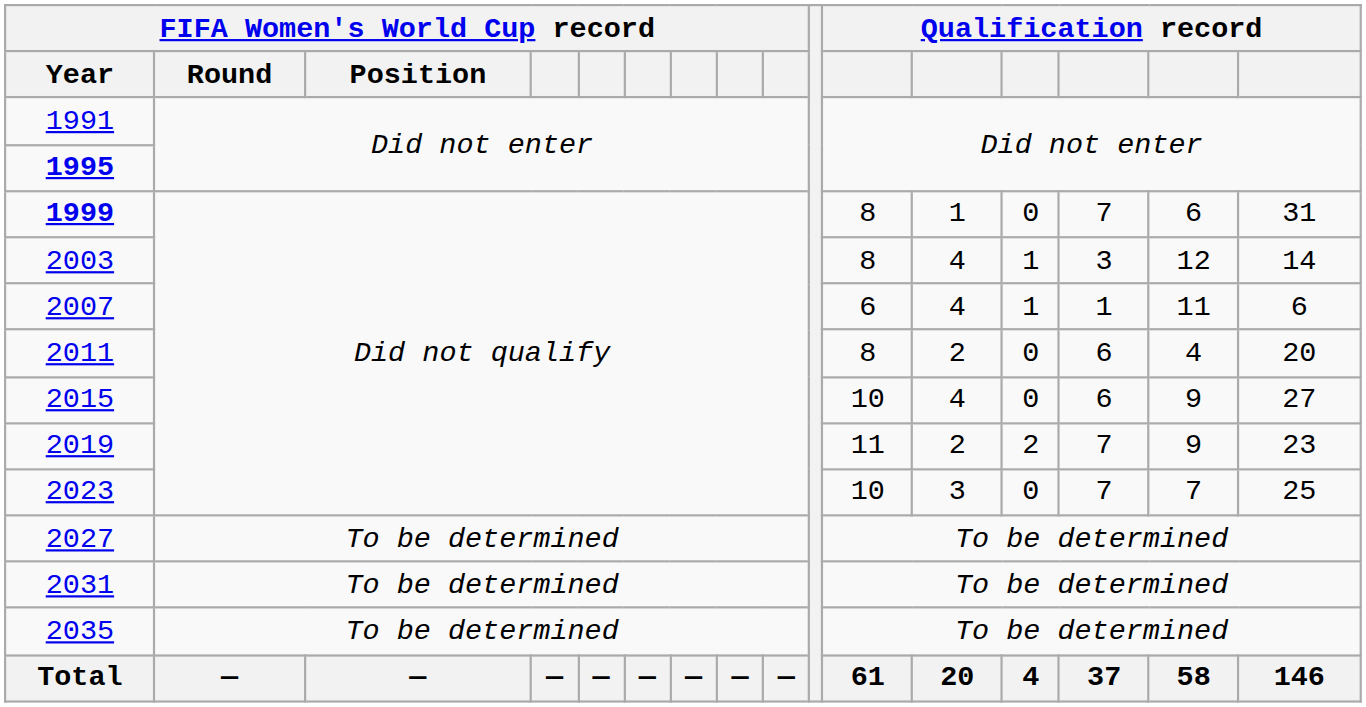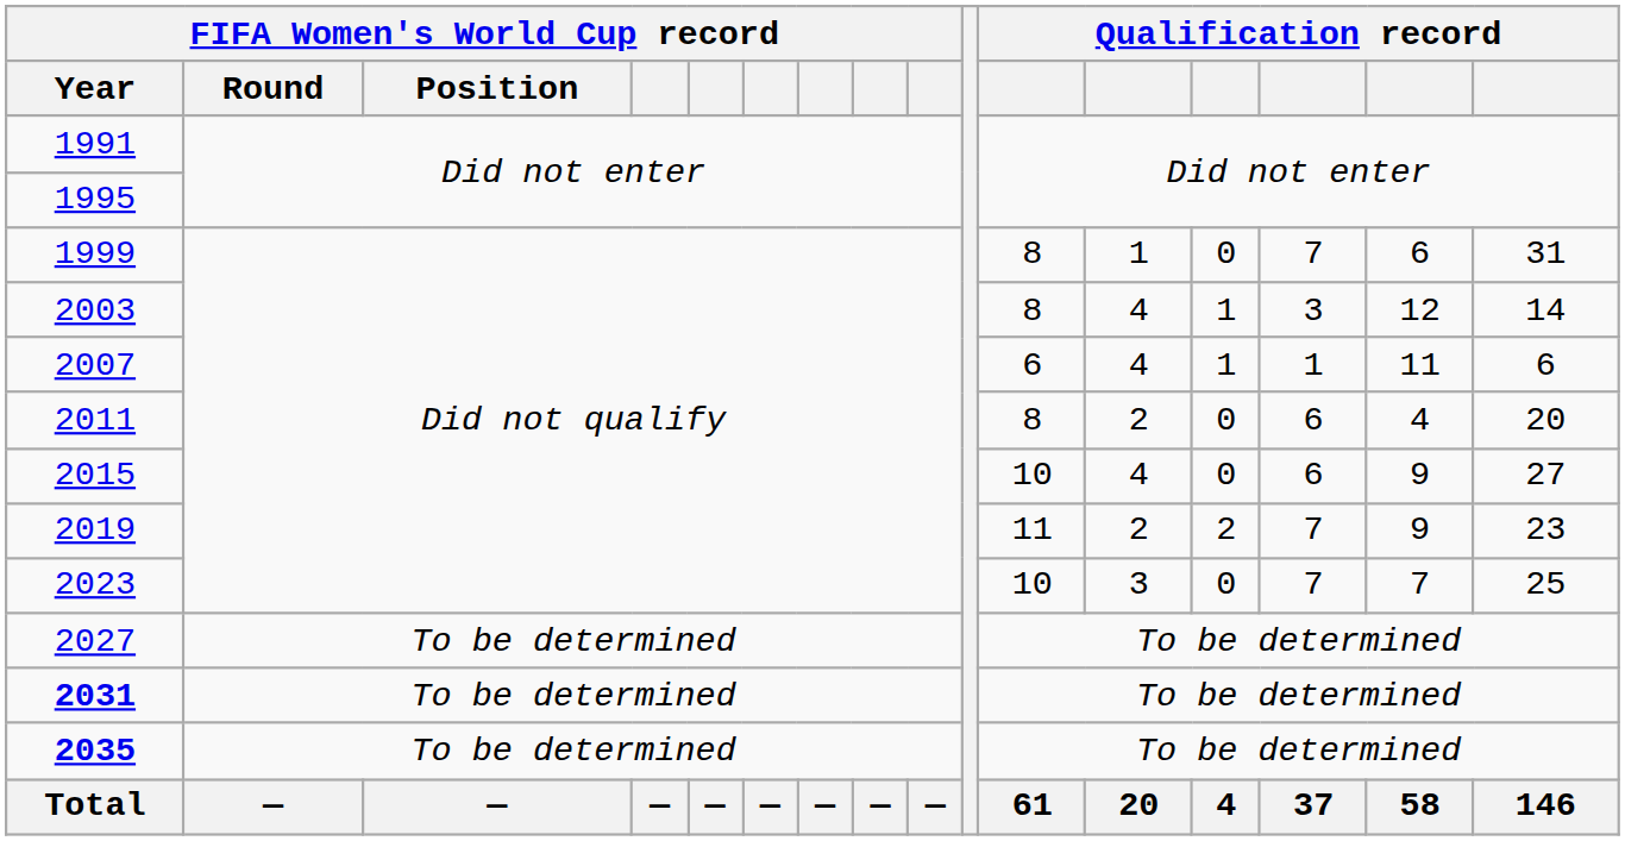 <table class="wikitable" style="text-align: center;">
 <tr>
 <th colspan=9><a href='#'>FIFA Women's World Cup</a> record</th>
 <th width=1% rowspan=100></th>
 <th colspan=6><a href='#'>Qualification</a> record</th>
 </tr>
 <tr>
 <th>Year</th>
 <th>Round</th>
 <th>Position</th>
 <th></th>
 <th></th>
 <th></th>
 <th></th>
 <th></th>
 <th><br></th>
 <th></th>
 <th></th>
 <th></th>
 <th></th>
 <th></th>
 <th></th>
 </tr>
 <tr>
 <td> <a href='#'>1991</a></td>
 <td colspan=8 rowspan=2><em>Did not enter</em></td>
 <td colspan=6 rowspan=2><em>Did not enter</em></td>
 </tr>
 <tr>
-<td><strong> <a href='#'>1995</a></strong></td>
+<td> <a href='#'>1995</a></td>
 </tr>
 <tr>
-<td><strong> <a href='#'>1999</a></strong></td>
+<td> <a href='#'>1999</a></td>
 <td colspan=8 rowspan=7><em>Did not qualify</em></td>
 <td>8</td>
 <td>1</td>
 <td>0</td>
 <td>7</td>
 <td>6</td>
 <td>31</td>
 </tr>
 <tr>
 <td> <a href='#'>2003</a></td>
 <td>8</td>
 <td>4</td>
 <td>1</td>
 <td>3</td>
 <td>12</td>
 <td>14</td>
 </tr>
 <tr>
 <td> <a href='#'>2007</a></td>
 <td>6</td>
 <td>4</td>
 <td>1</td>
 <td>1</td>
 <td>11</td>
 <td>6</td>
 </tr>
 <tr>
 <td> <a href='#'>2011</a></td>
 <td>8</td>
 <td>2</td>
 <td>0</td>
 <td>6</td>
 <td>4</td>
 <td>20</td>
 </tr>
 <tr>
 <td> <a href='#'>2015</a></td>
 <td>10</td>
 <td>4</td>
 <td>0</td>
 <td>6</td>
 <td>9</td>
 <td>27</td>
 </tr>
 <tr>
 <td> <a href='#'>2019</a></td>
 <td>11</td>
 <td>2</td>
 <td>2</td>
 <td>7</td>
 <td>9</td>
 <td>23</td>
 </tr>
 <tr>
 <td>  <a href='#'>2023</a></td>
 <td>10</td>
 <td>3</td>
 <td>0</td>
 <td>7</td>
 <td>7</td>
 <td>25</td>
 </tr>
 <tr>
 <td> <a href='#'>2027</a></td>
 <td colspan=8><em>To be determined</em></td>
 <td colspan=6><em>To be determined</em></td>
 </tr>
 <tr>
-<td> <a href='#'>2031</a></td>
+<td><strong> <a href='#'>2031</a></strong></td>
 <td colspan=8><em>To be determined</em></td>
 <td colspan=6><em>To be determined</em></td>
 </tr>
 <tr>
-<td> <a href='#'>2035</a></td>
+<td><strong> <a href='#'>2035</a></strong></td>
 <td colspan=8><em>To be determined</em></td>
 <td colspan=6><em>To be determined</em></td>
 </tr>
 <tr>
 <th>Total</th>
 <th>—</th>
 <th>—</th>
 <th>—</th>
 <th>—</th>
 <th>—</th>
 <th>—</th>
 <th>—</th>
 <th>—</th>
 <th>61</th>
 <th>20</th>
 <th>4</th>
 <th>37</th>
 <th>58</th>
 <th>146</th>
 </tr>
 </table>
